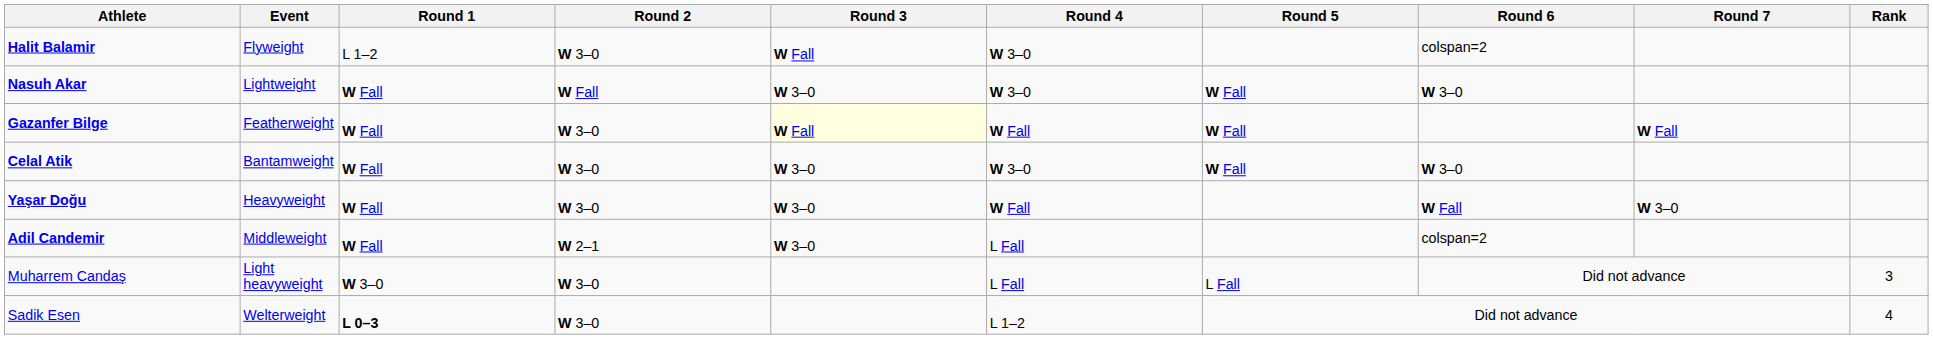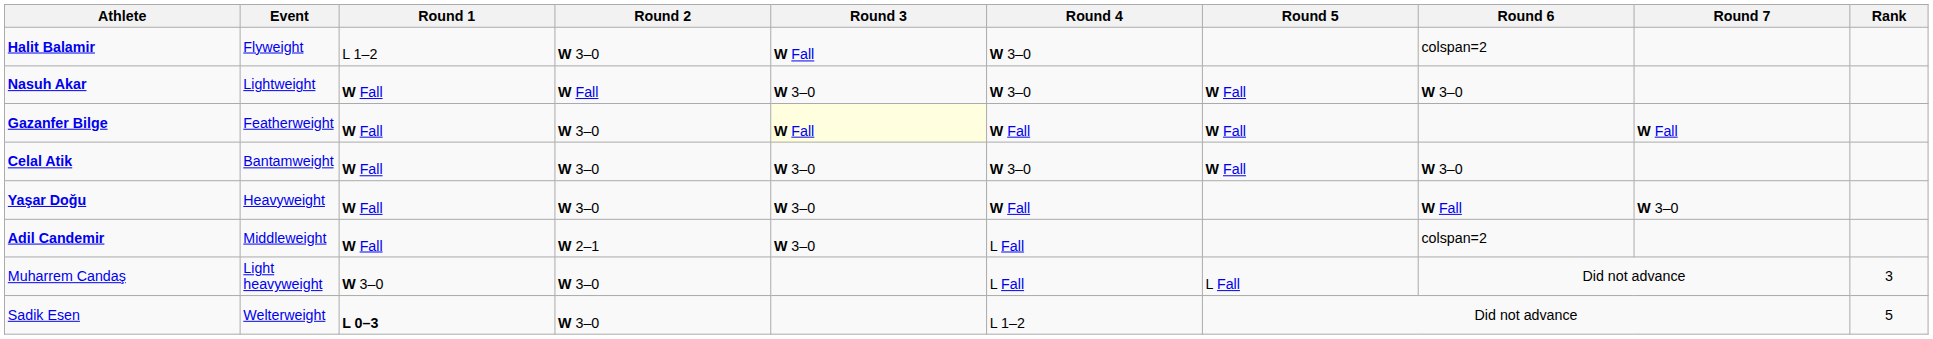 <table class="wikitable" width="98%" style="text-align:left; font-size:90%">
 <tr>
 <th width="12%">Athlete</th>
 <th width="5%">Event</th>
 <th width="11%">Round 1</th>
 <th width="11%">Round 2</th>
 <th width="11%">Round 3</th>
 <th width="11%">Round 4</th>
 <th width="11%">Round 5</th>
 <th width="11%">Round 6</th>
 <th width="11%">Round 7</th>
 <th width="4%">Rank</th>
 </tr>
 <tr>
 <td><strong><a href='#'>Halit Balamir</a></strong></td>
 <td><a href='#'>Flyweight</a></td>
 <td><br>L 1–2</td>
 <td><br><strong>W</strong> 3–0</td>
 <td><br><strong>W</strong> <a href='#'>Fall</a></td>
 <td><br><strong>W</strong> 3–0</td>
 <td></td>
 <td>colspan=2 </td>
 <td align=center></td>
 </tr>
 <tr>
 <td><strong><a href='#'>Nasuh Akar</a></strong></td>
 <td><a href='#'>Lightweight</a></td>
 <td><br><strong>W</strong> <a href='#'>Fall</a></td>
 <td><br><strong>W</strong> <a href='#'>Fall</a></td>
 <td><br><strong>W</strong> 3–0</td>
 <td><br><strong>W</strong> 3–0</td>
 <td><br><strong>W</strong> <a href='#'>Fall</a></td>
 <td><br><strong>W</strong> 3–0</td>
 <td></td>
 <td align=center></td>
 </tr>
 <tr>
 <td><strong><a href='#'>Gazanfer Bilge</a></strong></td>
 <td><a href='#'>Featherweight</a></td>
 <td><br><strong>W</strong> <a href='#'>Fall</a></td>
 <td><br><strong>W</strong> 3–0</td>
 <td style="background: lightyellow;"><br><strong>W</strong> <a href='#'>Fall</a></td>
 <td><br><strong>W</strong> <a href='#'>Fall</a></td>
 <td><br><strong>W</strong> <a href='#'>Fall</a></td>
 <td></td>
 <td><br><strong>W</strong> <a href='#'>Fall</a></td>
 <td align=center></td>
 </tr>
 <tr>
 <td><strong><a href='#'>Celal Atik</a></strong></td>
 <td><a href='#'>Bantamweight</a></td>
 <td><br><strong>W</strong> <a href='#'>Fall</a></td>
 <td><br><strong>W</strong> 3–0</td>
 <td><br><strong>W</strong> 3–0</td>
 <td><br><strong>W</strong> 3–0</td>
 <td><br><strong>W</strong> <a href='#'>Fall</a></td>
 <td><br><strong>W</strong> 3–0</td>
 <td></td>
 <td align=center></td>
 </tr>
 <tr>
 <td><strong><a href='#'>Yaşar Doğu</a></strong></td>
 <td><a href='#'>Heavyweight</a></td>
 <td><br><strong>W</strong> <a href='#'>Fall</a></td>
 <td><br><strong>W</strong> 3–0</td>
 <td><br><strong>W</strong> 3–0</td>
 <td><br><strong>W</strong> <a href='#'>Fall</a></td>
 <td></td>
 <td><br><strong>W</strong> <a href='#'>Fall</a></td>
 <td><br><strong>W</strong> 3–0</td>
 <td align=center></td>
 </tr>
 <tr>
 <td><strong><a href='#'>Adil Candemir</a></strong></td>
 <td><a href='#'>Middleweight</a></td>
 <td><br><strong>W</strong> <a href='#'>Fall</a></td>
 <td><br><strong>W</strong> 2–1</td>
 <td><br><strong>W</strong> 3–0</td>
 <td><br>L <a href='#'>Fall</a></td>
 <td></td>
 <td>colspan=2 </td>
 <td align=center></td>
 </tr>
 <tr>
 <td><a href='#'>Muharrem Candaş</a></td>
 <td><a href='#'>Light heavyweight</a></td>
 <td><br><strong>W</strong> 3–0</td>
 <td><br><strong>W</strong> 3–0</td>
 <td></td>
 <td><br>L <a href='#'>Fall</a></td>
 <td><br>L <a href='#'>Fall</a></td>
 <td colspan=2 align=center>Did not advance</td>
 <td align=center>3</td>
 </tr>
 <tr>
 <td><a href='#'>Sadik Esen</a></td>
 <td><a href='#'>Welterweight</a></td>
 <td><strong><br>L 0–3</strong></td>
 <td><br><strong>W</strong> 3–0</td>
 <td></td>
 <td><br>L 1–2</td>
 <td colspan=3 align=center>Did not advance</td>
-<td align=center>4</td>
+<td align=center>5</td>
 </tr>
 </table>
